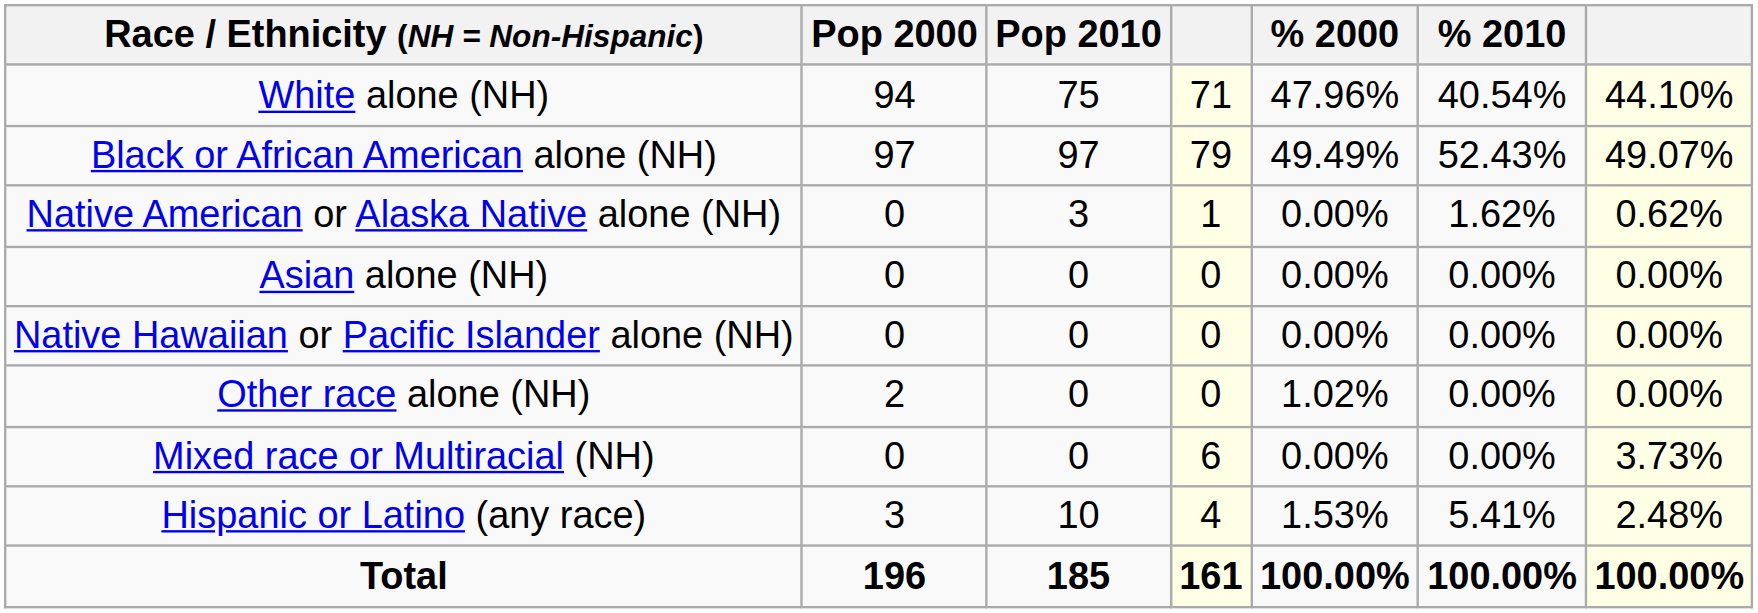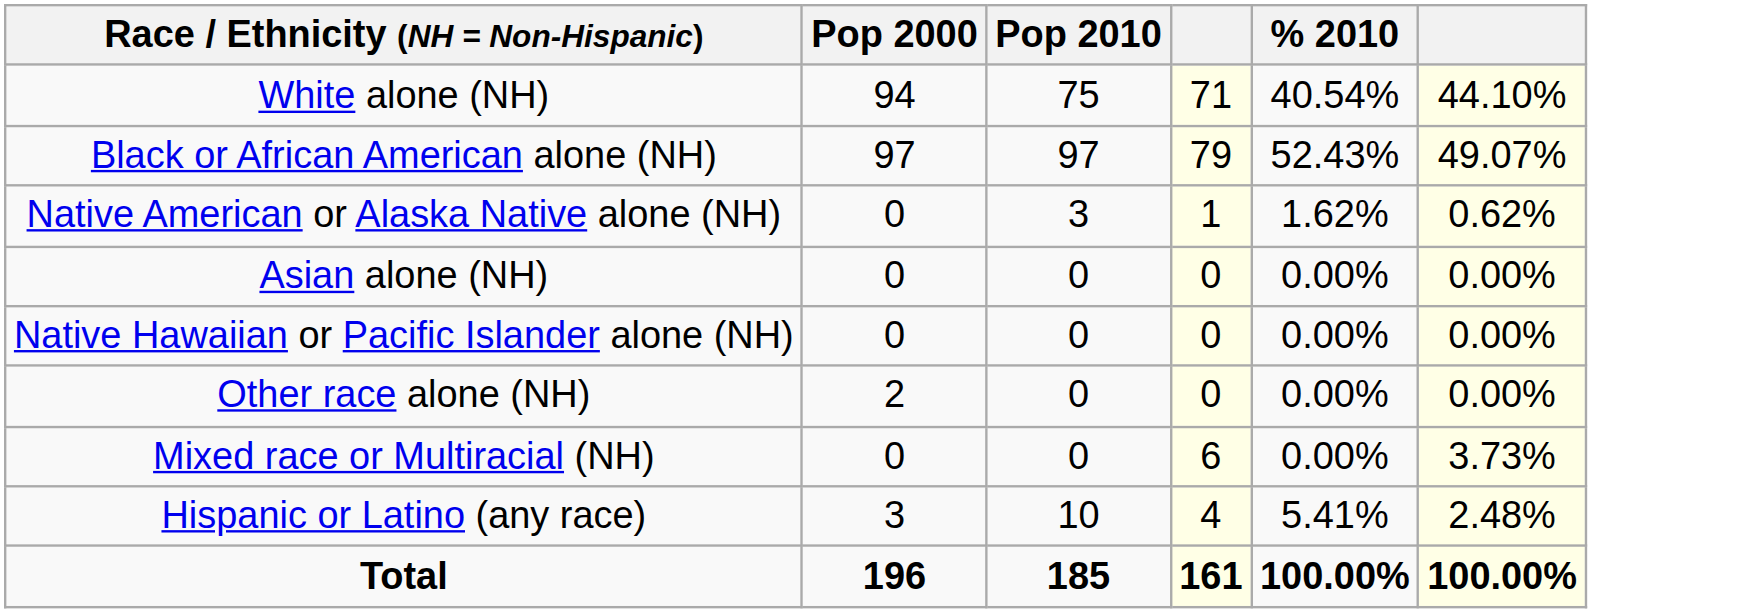 <table class="wikitable" style="text-align:center;">
 <tr>
 <th>Race / Ethnicity <small>(<em>NH = Non-Hispanic</em>)</small></th>
 <th>Pop 2000</th>
 <th>Pop 2010</th>
 <th></th>
-<th>% 2000</th>
 <th>% 2010</th>
 <th></th>
 </tr>
 <tr>
 <td><a href='#'>White</a> alone (NH)</td>
 <td>94</td>
 <td>75</td>
 <td style='background: #ffffe6;'>71</td>
-<td>47.96%</td>
 <td>40.54%</td>
 <td style='background: #ffffe6;'>44.10%</td>
 </tr>
 <tr>
 <td><a href='#'>Black or African American</a> alone (NH)</td>
 <td>97</td>
 <td>97</td>
 <td style='background: #ffffe6;'>79</td>
-<td>49.49%</td>
 <td>52.43%</td>
 <td style='background: #ffffe6;'>49.07%</td>
 </tr>
 <tr>
 <td><a href='#'>Native American</a> or <a href='#'>Alaska Native</a> alone (NH)</td>
 <td>0</td>
 <td>3</td>
 <td style='background: #ffffe6;'>1</td>
-<td>0.00%</td>
 <td>1.62%</td>
 <td style='background: #ffffe6;'>0.62%</td>
 </tr>
 <tr>
 <td><a href='#'>Asian</a> alone (NH)</td>
 <td>0</td>
 <td>0</td>
 <td style='background: #ffffe6;'>0</td>
 <td>0.00%</td>
-<td>0.00%</td>
 <td style='background: #ffffe6;'>0.00%</td>
 </tr>
 <tr>
 <td><a href='#'>Native Hawaiian</a> or <a href='#'>Pacific Islander</a> alone (NH)</td>
 <td>0</td>
 <td>0</td>
 <td style='background: #ffffe6;'>0</td>
 <td>0.00%</td>
-<td>0.00%</td>
 <td style='background: #ffffe6;'>0.00%</td>
 </tr>
 <tr>
 <td><a href='#'>Other race</a> alone (NH)</td>
 <td>2</td>
 <td>0</td>
 <td style='background: #ffffe6;'>0</td>
-<td>1.02%</td>
 <td>0.00%</td>
 <td style='background: #ffffe6;'>0.00%</td>
 </tr>
 <tr>
 <td><a href='#'>Mixed race or Multiracial</a> (NH)</td>
 <td>0</td>
 <td>0</td>
 <td style='background: #ffffe6;'>6</td>
 <td>0.00%</td>
-<td>0.00%</td>
 <td style='background: #ffffe6;'>3.73%</td>
 </tr>
 <tr>
 <td><a href='#'>Hispanic or Latino</a> (any race)</td>
 <td>3</td>
 <td>10</td>
 <td style='background: #ffffe6;'>4</td>
-<td>1.53%</td>
 <td>5.41%</td>
 <td style='background: #ffffe6;'>2.48%</td>
 </tr>
 <tr>
 <td><strong>Total</strong></td>
 <td><strong>196</strong></td>
 <td><strong>185</strong></td>
 <td style='background: #ffffe6;'><strong>161</strong></td>
 <td><strong>100.00%</strong></td>
-<td><strong>100.00%</strong></td>
 <td style='background: #ffffe6;'><strong>100.00%</strong></td>
 </tr>
 </table>
